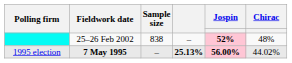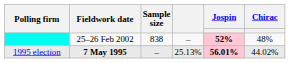 <table class="wikitable sortable" style="text-align:center;font-size:90%;line-height:14px;">
 <tr style="height:40px;">
 <th style="width:100px;" rowspan="2">Polling firm</th>
 <th style="width:110px;" rowspan="2">Fieldwork date</th>
 <th style="width:35px;" rowspan="2">Sample<br>size</th>
 <th style="width:30px;" rowspan="2"></th>
 <th class="unsortable" style="width:60px;"><a href='#'>Jospin</a><br></th>
 <th class="unsortable" style="width:60px;"><a href='#'>Chirac</a><br></th>
 </tr>
 <tr>
 <th style="background:"></th>
 <th style="background:"></th>
 </tr>
 <tr>
 <td style="background:#04FBF4;"></td>
 <td data-sort-value="2002-02-26">25–26 Feb 2002</td>
 <td>838</td>
 <td>–</td>
 <td style="background:#FFC6D5;"><strong>52%</strong></td>
 <td>48%</td>
 </tr>
 <tr style="background:#E9E9E9;">
 <td><a href='#'>1995 election</a></td>
 <td data-sort-value="1995-05-07"><strong>7 May 1995</strong></td>
 <td>–</td>
-<td><strong>25.13%</strong></td>
-<td style="background:#FFC6D5;"><strong>56.00%</strong></td>
+<td>25.13%</td>
+<td style="background:#FFC6D5;"><strong>56.01%</strong></td>
 <td>44.02%</td>
 </tr>
 </table>
